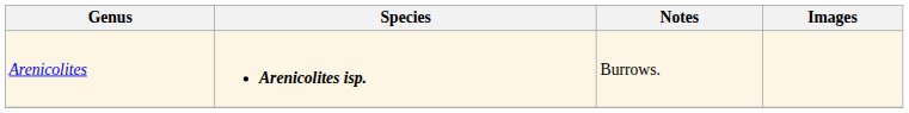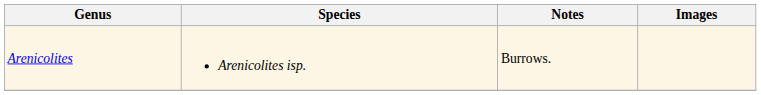 <table class="wikitable" style="width:70%;">
 <tr>
 <th>Genus</th>
 <th>Species</th>
 <th>Notes</th>
 <th>Images</th>
 </tr>
 <tr>
 <td style="background:#FEF6E4;"><em><a href='#'>Arenicolites</a></em></td>
-<td style="background:#FEF6E4;"><strong><br><ul><li><em>Arenicolites isp.</em></li></ul></strong></td>
+<td style="background:#FEF6E4;"><br><ul><li><em>Arenicolites isp.</em></li></ul></td>
 <td style="background:#FEF6E4;">Burrows.</td>
 <td style="background:#FEF6E4;"></td>
 </tr>
 <tr>
 </tr>
 </table>
